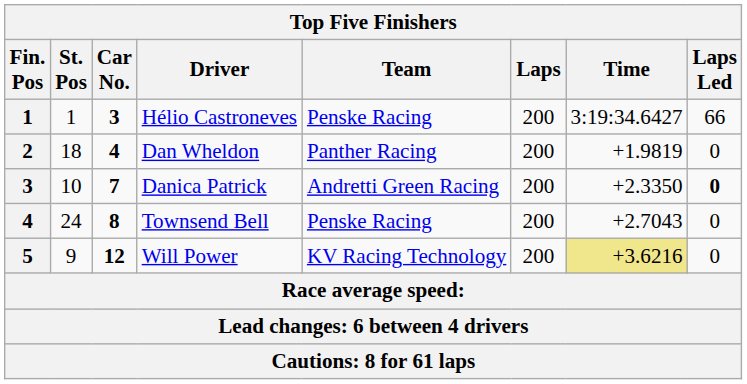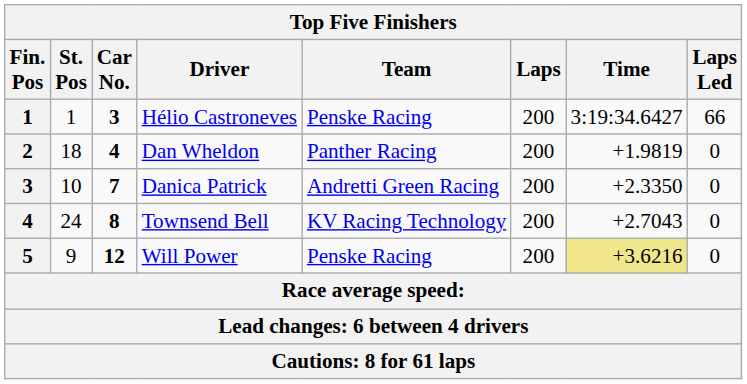 <table class="wikitable" style="font-size:95%;text-align:center">
 <tr>
 <th colspan=9>Top Five Finishers</th>
 </tr>
 <tr>
 <th>Fin.<br>Pos</th>
 <th>St.<br>Pos</th>
 <th>Car<br>No.</th>
 <th>Driver</th>
 <th>Team</th>
 <th>Laps</th>
 <th>Time</th>
 <th>Laps<br>Led</th>
 </tr>
 <tr>
 <th>1</th>
 <td>1</td>
 <td><strong>3</strong></td>
 <td style="text-align:left"> <a href='#'>Hélio Castroneves</a></td>
 <td style="text-align:left"><a href='#'>Penske Racing</a></td>
 <td>200</td>
 <td align=right>3:19:34.6427</td>
 <td>66</td>
 </tr>
 <tr>
 <th>2</th>
 <td>18</td>
 <td><strong>4</strong></td>
 <td style="text-align:left"> <a href='#'>Dan Wheldon</a></td>
 <td style="text-align:left"><a href='#'>Panther Racing</a></td>
 <td>200</td>
 <td align=right>+1.9819</td>
 <td>0</td>
 </tr>
 <tr>
 <th>3</th>
 <td>10</td>
 <td><strong>7</strong></td>
 <td style="text-align:left"> <a href='#'>Danica Patrick</a></td>
 <td style="text-align:left"><a href='#'>Andretti Green Racing</a></td>
 <td>200</td>
 <td align=right>+2.3350</td>
-<td><strong>0</strong></td>
+<td>0</td>
 </tr>
 <tr>
 <th>4</th>
 <td>24</td>
 <td><strong>8</strong></td>
 <td style="text-align:left"> <a href='#'>Townsend Bell</a></td>
-<td style="text-align:left"><a href='#'>Penske Racing</a></td>
+<td style="text-align:left"><a href='#'>KV Racing Technology</a></td>
 <td>200</td>
 <td align=right>+2.7043</td>
 <td>0</td>
 </tr>
 <tr>
 <th>5</th>
 <td>9</td>
 <td><strong>12</strong></td>
 <td style="text-align:left"> <a href='#'>Will Power</a></td>
-<td style="text-align:left"><a href='#'>KV Racing Technology</a></td>
+<td style="text-align:left"><a href='#'>Penske Racing</a></td>
 <td>200</td>
 <td align=right style="background: khaki;">+3.6216</td>
 <td>0</td>
 </tr>
 <tr>
 <th colspan=9>Race average speed: </th>
 </tr>
 <tr>
 <th colspan=9>Lead changes: 6 between 4 drivers</th>
 </tr>
 <tr>
 <th colspan=9>Cautions: 8 for 61 laps</th>
 </tr>
 </table>
